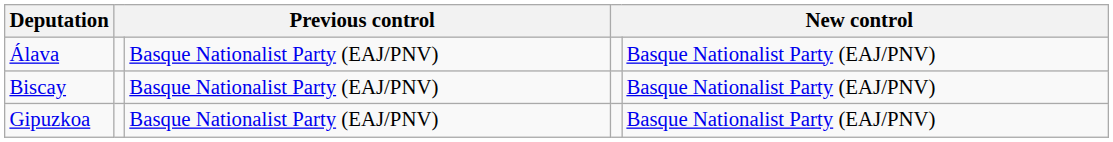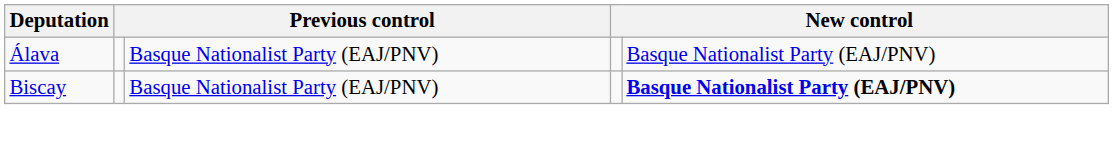 <table class="wikitable sortable">
 <tr>
 <th>Deputation</th>
 <th colspan="2" style="width:375px;">Previous control</th>
 <th colspan="2" style="width:375px;">New control</th>
 </tr>
 <tr>
 <td><a href='#'>Álava</a></td>
 <td width="1" style="color:inherit;background:"></td>
 <td><a href='#'>Basque Nationalist Party</a> (EAJ/PNV)</td>
 <td width="1" style="color:inherit;background:"></td>
 <td><a href='#'>Basque Nationalist Party</a> (EAJ/PNV)</td>
 </tr>
 <tr>
 <td><a href='#'>Biscay</a></td>
 <td style="color:inherit;background:"></td>
 <td><a href='#'>Basque Nationalist Party</a> (EAJ/PNV)</td>
 <td style="color:inherit;background:"></td>
-<td><a href='#'>Basque Nationalist Party</a> (EAJ/PNV)</td>
-</tr>
-<tr>
-<td><a href='#'>Gipuzkoa</a></td>
-<td style="color:inherit;background:"></td>
-<td><a href='#'>Basque Nationalist Party</a> (EAJ/PNV)</td>
-<td style="color:inherit;background:"></td>
-<td><a href='#'>Basque Nationalist Party</a> (EAJ/PNV)</td>
+<td><strong><a href='#'>Basque Nationalist Party</a> (EAJ/PNV)</strong></td>
 </tr>
 </table>
